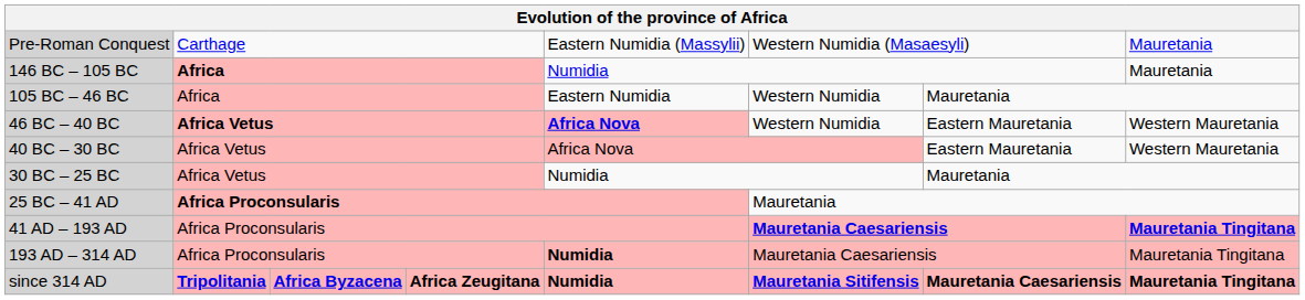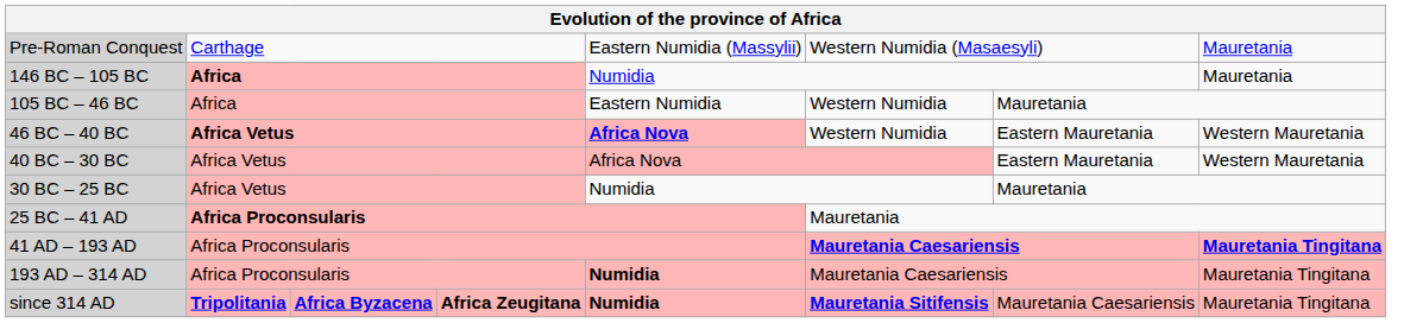 <table class="wikitable">
 <tr>
 <th colspan="9" bgcolor="lightgrey" font-size="200%">Evolution of the province of Africa</th>
 </tr>
 <tr>
 <td bgcolor="lightgrey">Pre-Roman Conquest</td>
 <td colspan="3"><a href='#'>Carthage</a></td>
 <td>Eastern Numidia (<a href='#'>Massylii</a>)</td>
 <td colspan="2">Western Numidia (<a href='#'>Masaesyli</a>)</td>
 <td><a href='#'>Mauretania</a></td>
 </tr>
 <tr>
 <td bgcolor="lightgrey">146 BC – 105 BC</td>
 <td colspan="3" bgcolor="#FFB6B6"><strong>Africa</strong></td>
 <td colspan="3"><a href='#'>Numidia</a></td>
 <td>Mauretania</td>
 </tr>
 <tr>
 <td bgcolor="lightgrey">105 BC – 46 BC</td>
 <td colspan="3" bgcolor="#FFB6B6">Africa</td>
 <td>Eastern Numidia</td>
 <td>Western Numidia</td>
 <td colspan="2">Mauretania</td>
 </tr>
 <tr>
 <td bgcolor="lightgrey">46 BC – 40 BC</td>
 <td colspan="3" bgcolor="#FFB6B6"><strong>Africa Vetus</strong></td>
 <td bgcolor="#FFB6B6"><strong><a href='#'>Africa Nova</a></strong></td>
 <td>Western Numidia</td>
 <td>Eastern Mauretania</td>
 <td>Western Mauretania</td>
 </tr>
 <tr>
 <td bgcolor="lightgrey">40 BC – 30 BC</td>
 <td colspan="3" bgcolor="#FFB6B6">Africa Vetus</td>
 <td colspan="2" bgcolor="#FFB6B6">Africa Nova</td>
 <td>Eastern Mauretania</td>
 <td>Western Mauretania</td>
 </tr>
 <tr>
 <td bgcolor="lightgrey">30 BC – 25 BC</td>
 <td colspan="3" bgcolor="#FFB6B6">Africa Vetus</td>
 <td colspan="2">Numidia</td>
 <td colspan="2">Mauretania</td>
 </tr>
 <tr>
 <td bgcolor="lightgrey">25 BC – 41 AD</td>
 <td colspan="4" bgcolor="#FFB6B6"><strong>Africa Proconsularis</strong></td>
 <td colspan="3">Mauretania</td>
 </tr>
 <tr>
 <td bgcolor="lightgrey">41 AD – 193 AD</td>
 <td colspan="4" bgcolor="#FFB6B6">Africa Proconsularis</td>
 <td colspan="2" bgcolor="#FFB6B6"><strong><a href='#'>Mauretania Caesariensis</a></strong></td>
 <td bgcolor="#FFB6B6"><strong><a href='#'>Mauretania Tingitana</a></strong></td>
 </tr>
 <tr>
 <td bgcolor="lightgrey">193 AD – 314 AD</td>
 <td colspan="3" bgcolor="#FFB6B6">Africa Proconsularis</td>
 <td bgcolor="#FFB6B6"><strong>Numidia</strong></td>
 <td colspan="2" bgcolor="#FFB6B6">Mauretania Caesariensis</td>
 <td bgcolor="#FFB6B6">Mauretania Tingitana</td>
 </tr>
 <tr>
 <td bgcolor="lightgrey">since 314 AD</td>
 <td bgcolor="#FFB6B6"><strong><a href='#'>Tripolitania</a></strong></td>
 <td bgcolor="#FFB6B6"><strong><a href='#'>Africa Byzacena</a></strong></td>
 <td bgcolor="#FFB6B6"><strong>Africa Zeugitana</strong></td>
 <td bgcolor="#FFB6B6"><strong>Numidia</strong></td>
 <td bgcolor="#FFB6B6"><strong><a href='#'>Mauretania Sitifensis</a></strong></td>
-<td bgcolor="#FFB6B6"><strong>Mauretania Caesariensis</strong></td>
-<td bgcolor="#FFB6B6"><strong>Mauretania Tingitana</strong></td>
+<td bgcolor="#FFB6B6">Mauretania Caesariensis</td>
+<td bgcolor="#FFB6B6">Mauretania Tingitana</td>
 </tr>
 </table>
